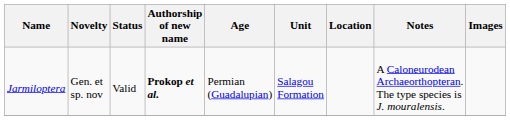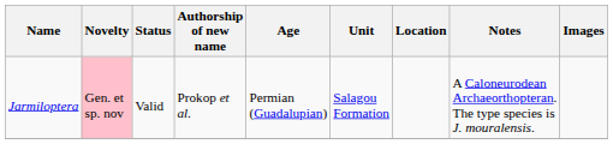 <table class="wikitable sortable" align="center" width="100%">
 <tr>
 <th>Name</th>
 <th>Novelty</th>
 <th>Status</th>
 <th>Authorship of new name</th>
 <th>Age</th>
 <th>Unit</th>
 <th>Location</th>
 <th>Notes</th>
 <th>Images</th>
 </tr>
 <tr>
 <td><br><em><a href='#'>Jarmiloptera</a></em></td>
-<td><br>Gen. et sp. nov</td>
+<td style="background: pink;"><br>Gen. et sp. nov</td>
 <td><br>Valid</td>
-<td><strong><br>Prokop <em>et al.</em></strong></td>
+<td><br>Prokop <em>et al.</em></td>
 <td><br>Permian (<a href='#'>Guadalupian</a>)</td>
 <td><br><a href='#'>Salagou Formation</a></td>
 <td><br></td>
 <td><br>A <a href='#'>Caloneurodean</a> <a href='#'>Archaeorthopteran</a>.<br> The type species is <em>J. mouralensis</em>.</td>
 <td></td>
 </tr>
 <tr>
 </tr>
 </table>
